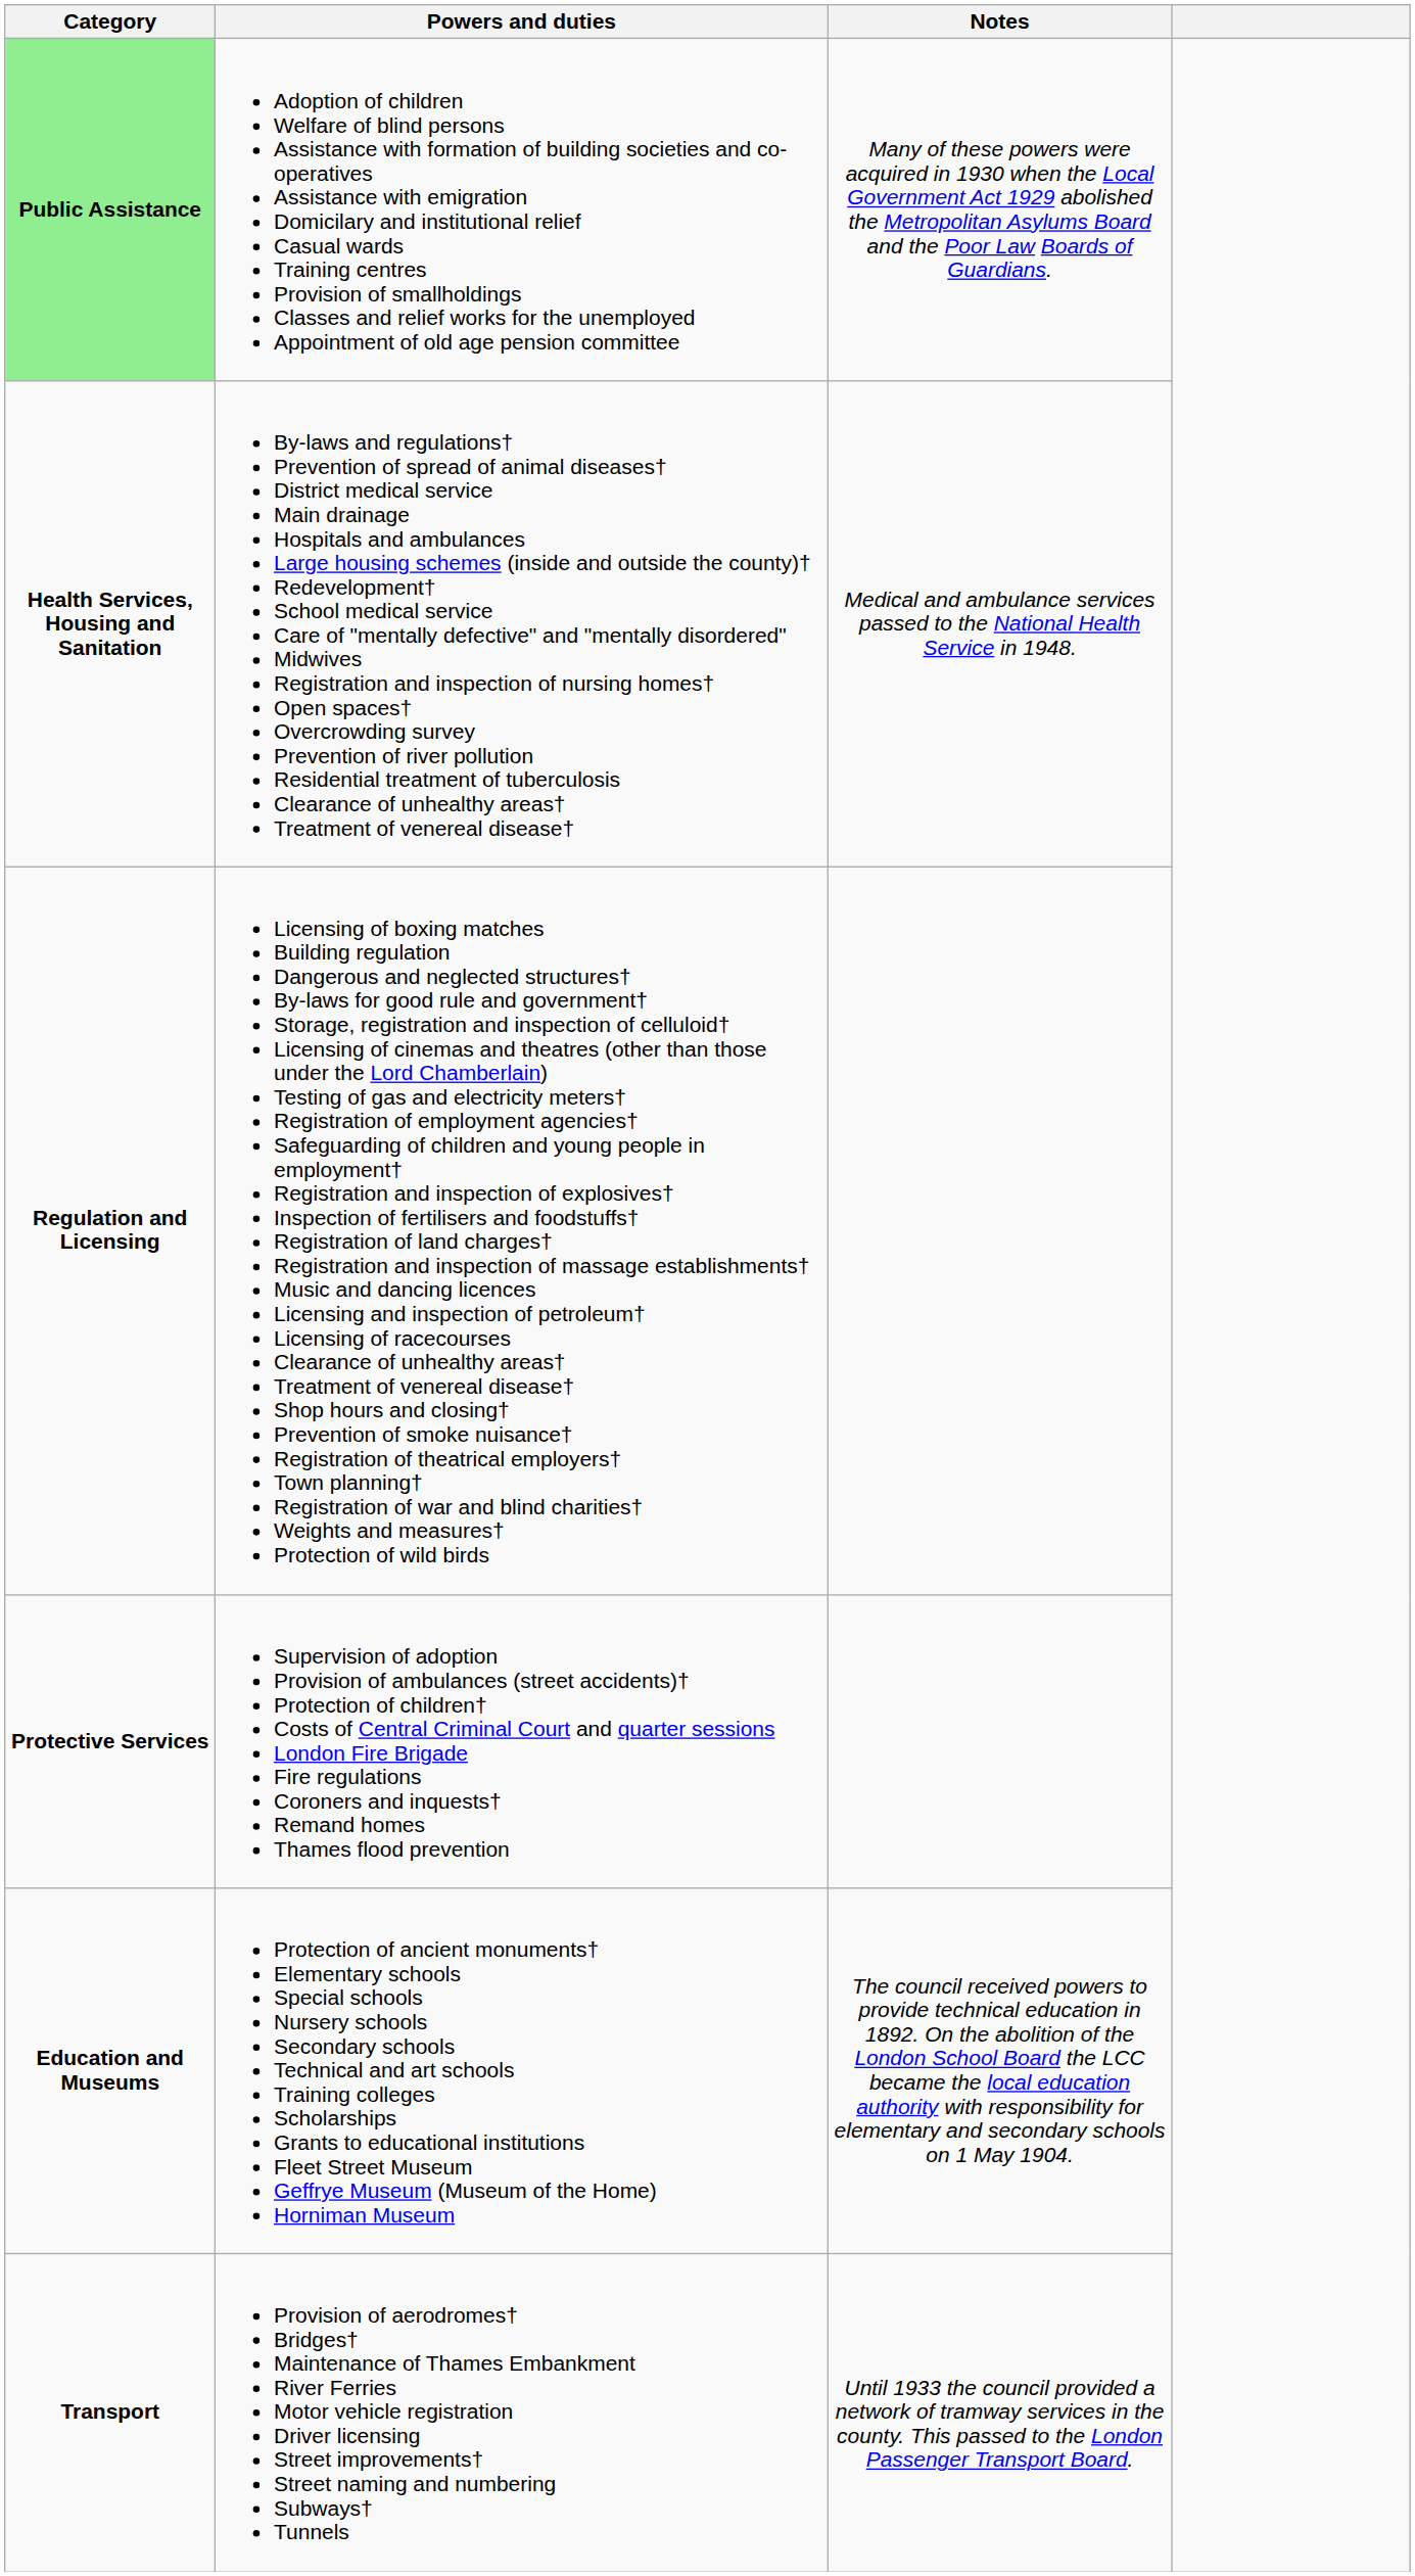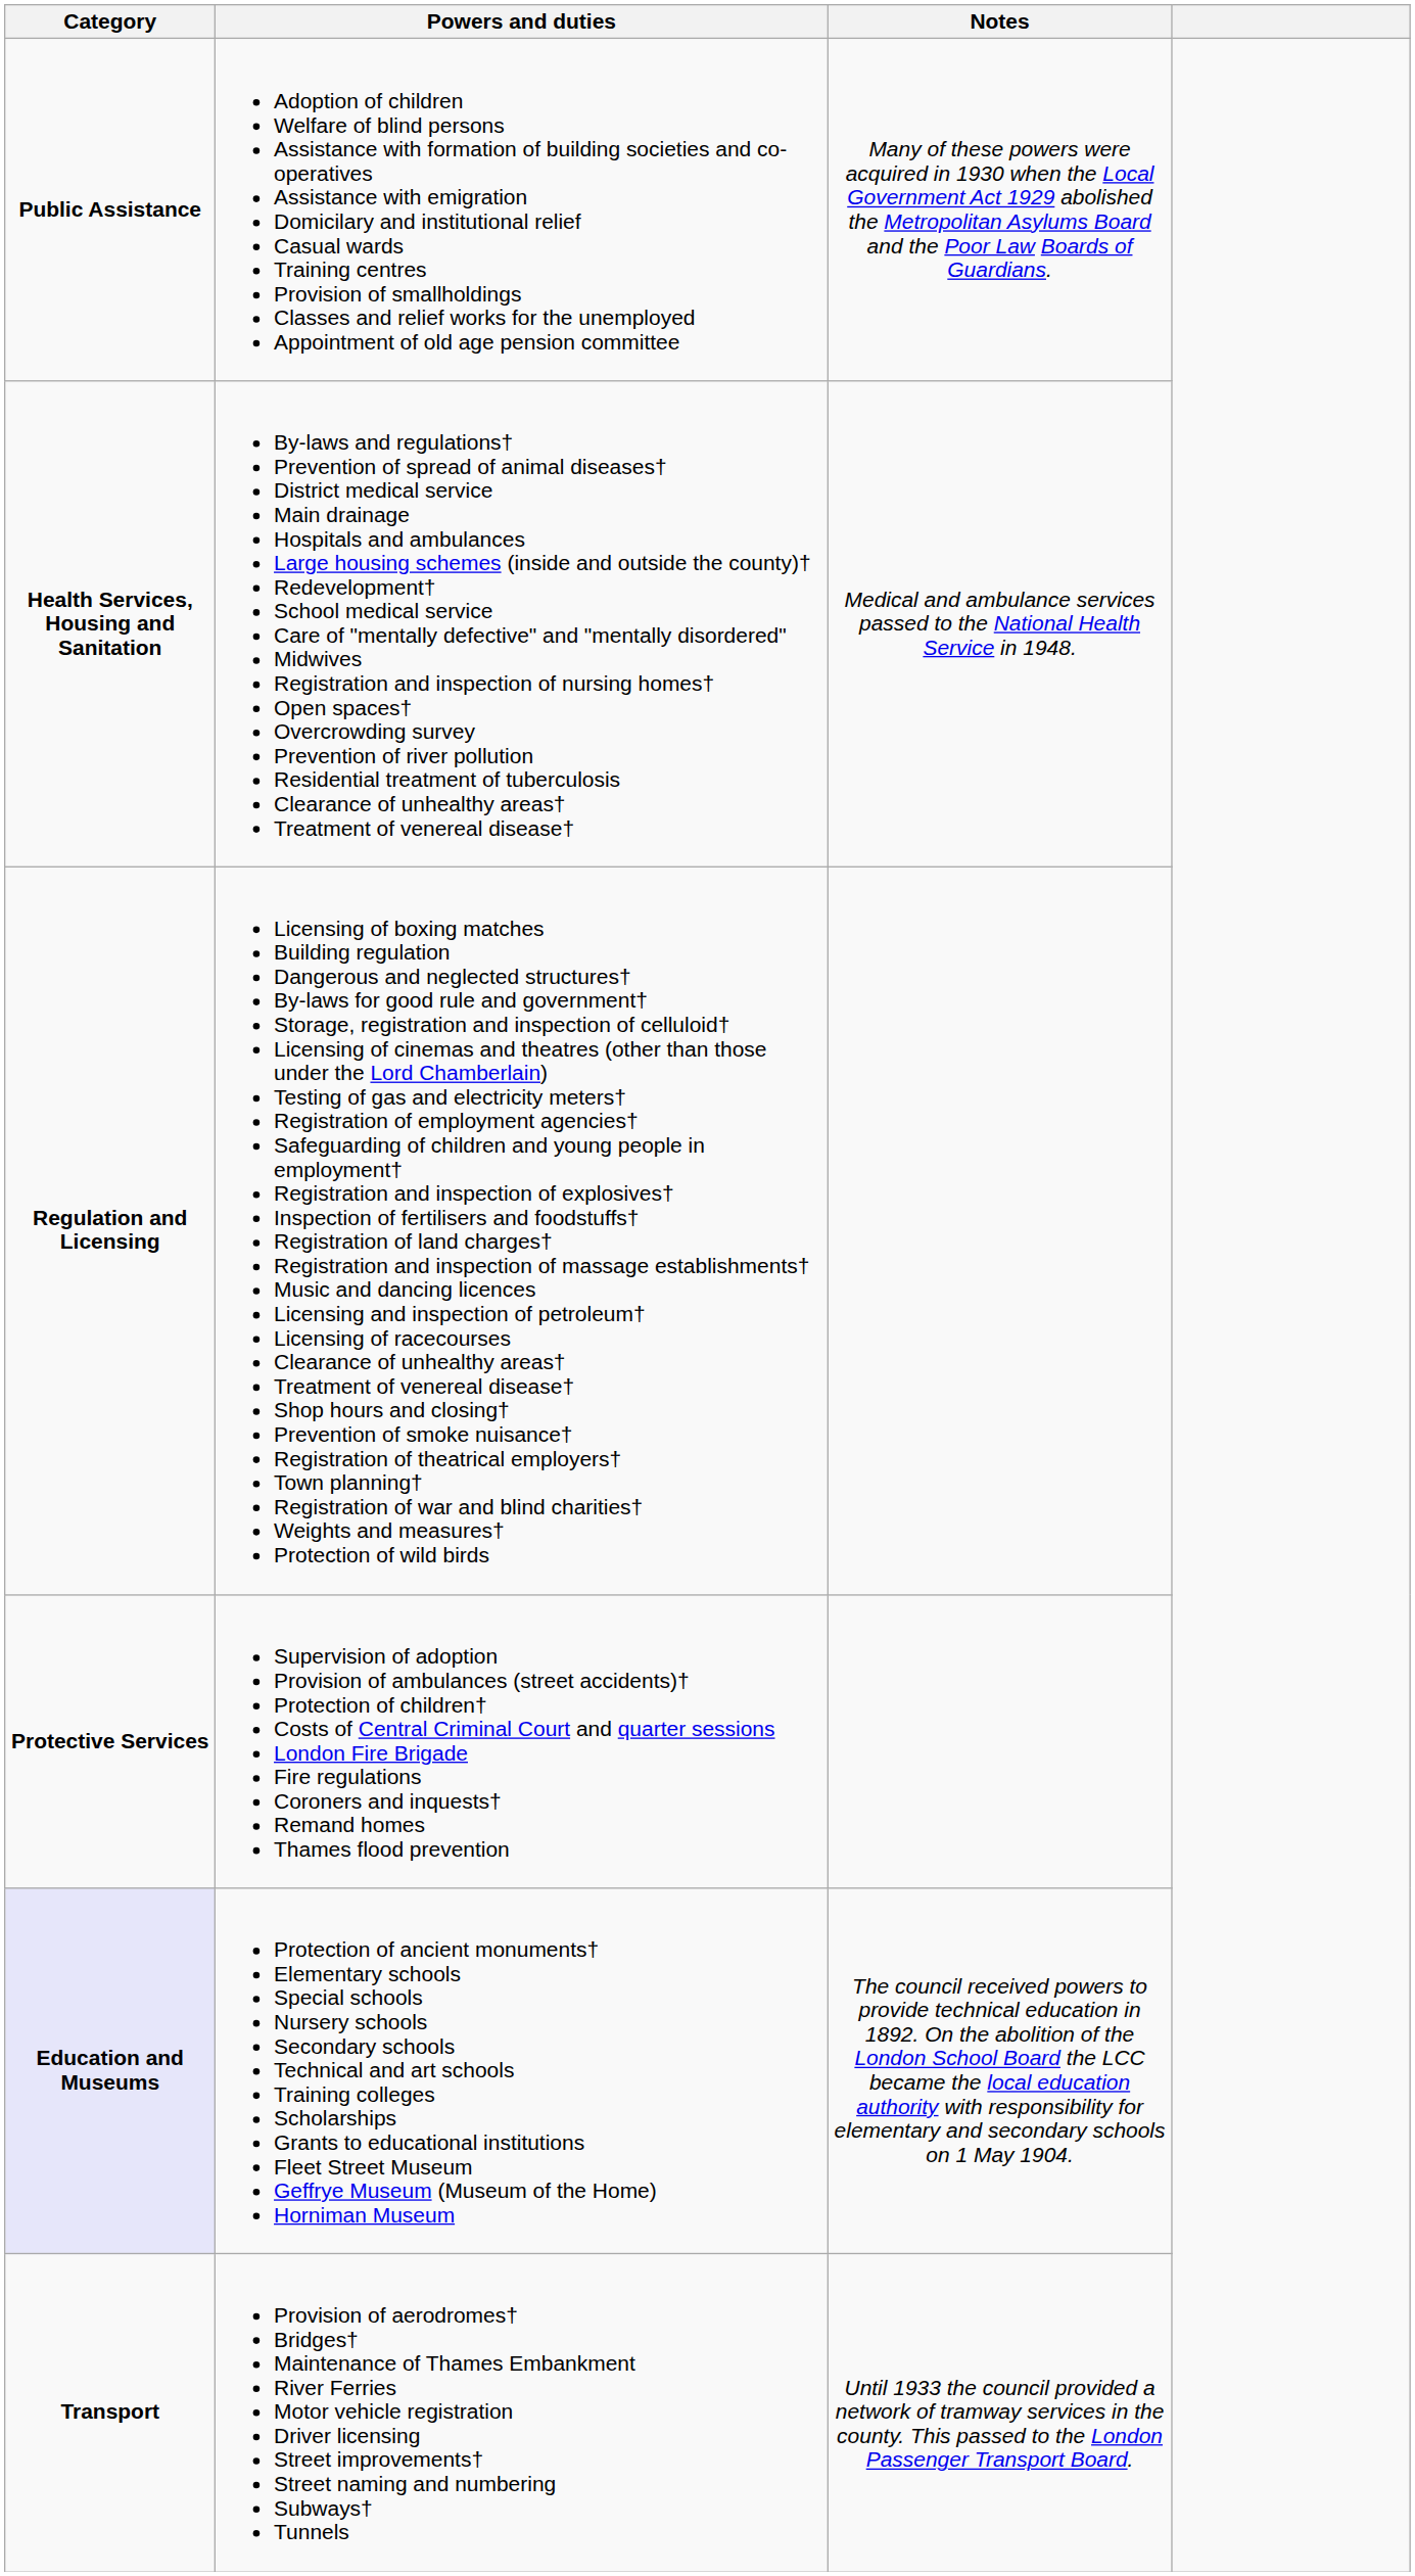 <table class="wikitable">
 <tr>
 <th>Category</th>
 <th>Powers and duties</th>
 <th>Notes</th>
 <th></th>
 </tr>
 <tr>
-<td width=150 valign=middle align=center style="background: lightgreen;"><strong>Public Assistance</strong></td>
+<td width=150 valign=middle align=center><strong>Public Assistance</strong></td>
 <td valign=middle align=left width=450><br><ul><li>Adoption of children</li><li>Welfare of blind persons</li><li>Assistance with formation of building societies and co-operatives</li><li>Assistance with emigration</li><li>Domicilary and institutional relief</li><li>Casual wards</li><li>Training centres</li><li>Provision of smallholdings</li><li>Classes and relief works for the unemployed</li><li>Appointment of old age pension committee</li></ul></td>
 <td valign=middle align=center width=250><em>Many of these powers were acquired in 1930 when the <a href='#'>Local Government Act 1929</a> abolished the <a href='#'>Metropolitan Asylums Board</a> and the <a href='#'>Poor Law</a> <a href='#'>Boards of Guardians</a>.</em></td>
 <td align=center width=170 rowspan=6 valign=top><br></td>
 </tr>
 <tr>
 <td width=150 valign=middle align=center><strong>Health Services, Housing and Sanitation</strong></td>
 <td valign=middle align=left width=450><br><ul><li>By-laws and regulations†</li><li>Prevention of spread of animal diseases†</li><li>District medical service</li><li>Main drainage</li><li>Hospitals and ambulances</li><li><a href='#'>Large housing schemes</a> (inside and outside the county)†</li><li>Redevelopment†</li><li>School medical service</li><li>Care of "mentally defective" and "mentally disordered"</li><li>Midwives</li><li>Registration and inspection of nursing homes†</li><li>Open spaces†</li><li>Overcrowding survey</li><li>Prevention of river pollution</li><li>Residential treatment of tuberculosis</li><li>Clearance of unhealthy areas†</li><li>Treatment of venereal disease†</li></ul></td>
 <td valign=middle align=center width=250><em>Medical and ambulance services passed to the <a href='#'>National Health Service</a> in 1948.</em></td>
 </tr>
 <tr>
 <td width=150 valign=middle align=center><strong>Regulation and Licensing</strong></td>
 <td valign=middle align=left width=450><br><ul><li>Licensing of boxing matches</li><li>Building regulation</li><li>Dangerous and neglected structures†</li><li>By-laws for good rule and government†</li><li>Storage, registration and inspection of celluloid†</li><li>Licensing of cinemas and theatres (other than those under the <a href='#'>Lord Chamberlain</a>)</li><li>Testing of gas and electricity meters†</li><li>Registration of employment agencies†</li><li>Safeguarding of children and young people in employment†</li><li>Registration and inspection of explosives†</li><li>Inspection of fertilisers and foodstuffs†</li><li>Registration of land charges†</li><li>Registration and inspection of massage establishments†</li><li>Music and dancing licences</li><li>Licensing and inspection of petroleum†</li><li>Licensing of racecourses</li><li>Clearance of unhealthy areas†</li><li>Treatment of venereal disease†</li><li>Shop hours and closing†</li><li>Prevention of smoke nuisance†</li><li>Registration of theatrical employers†</li><li>Town planning†</li><li>Registration of war and blind charities†</li><li>Weights and measures†</li><li>Protection of wild birds</li></ul></td>
 <td valign=middle align=center width=250></td>
 </tr>
 <tr>
 <td width=150 valign=middle align=center><strong>Protective Services</strong></td>
 <td valign=middle align=left width=450><br><ul><li>Supervision of adoption</li><li>Provision of ambulances (street accidents)†</li><li>Protection of children†</li><li>Costs of <a href='#'>Central Criminal Court</a> and <a href='#'>quarter sessions</a></li><li><a href='#'>London Fire Brigade</a></li><li>Fire regulations</li><li>Coroners and inquests†</li><li>Remand homes</li><li>Thames flood prevention</li></ul></td>
 <td valign=middle align=center width=250></td>
 </tr>
 <tr>
-<td width=150 valign=middle align=center><strong>Education and Museums</strong></td>
+<td width=150 valign=middle align=center style="background: lavender;"><strong>Education and Museums</strong></td>
 <td valign=middle align=left width=450><br><ul><li>Protection of ancient monuments†</li><li>Elementary schools</li><li>Special schools</li><li>Nursery schools</li><li>Secondary schools</li><li>Technical and art schools</li><li>Training colleges</li><li>Scholarships</li><li>Grants to educational institutions</li><li>Fleet Street Museum</li><li><a href='#'>Geffrye Museum</a> (Museum of the Home)</li><li><a href='#'>Horniman Museum</a></li></ul></td>
 <td valign=middle align=center width=250><em>The council received powers to provide technical education in 1892. On the abolition of the <a href='#'>London School Board</a> the LCC became the <a href='#'>local education authority</a> with responsibility for elementary and secondary schools on 1 May 1904.</em></td>
 </tr>
 <tr>
 <td width=150 valign=middle align=center><strong>Transport</strong></td>
 <td valign=middle align=left width=450><br><ul><li>Provision of aerodromes†</li><li>Bridges†</li><li>Maintenance of Thames Embankment</li><li>River Ferries</li><li>Motor vehicle registration</li><li>Driver licensing</li><li>Street improvements†</li><li>Street naming and numbering</li><li>Subways†</li><li>Tunnels</li></ul></td>
 <td valign=middle align=center width=250><br><em>Until 1933 the council provided a network of tramway services in the county. This passed to the <a href='#'>London Passenger Transport Board</a>.</em></td>
 </tr>
 </table>
